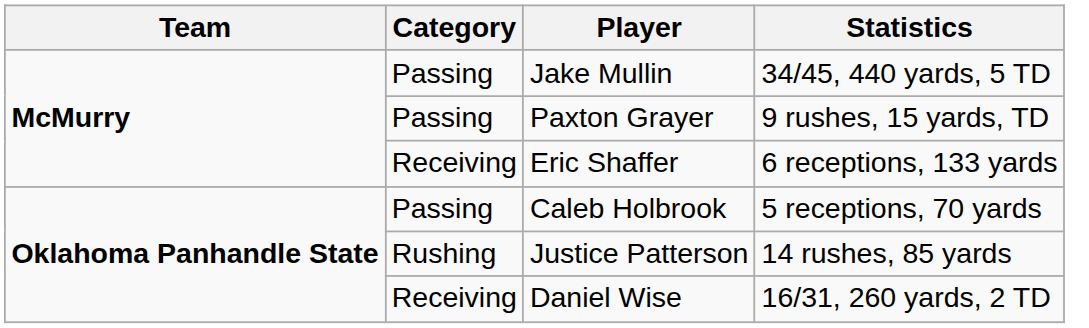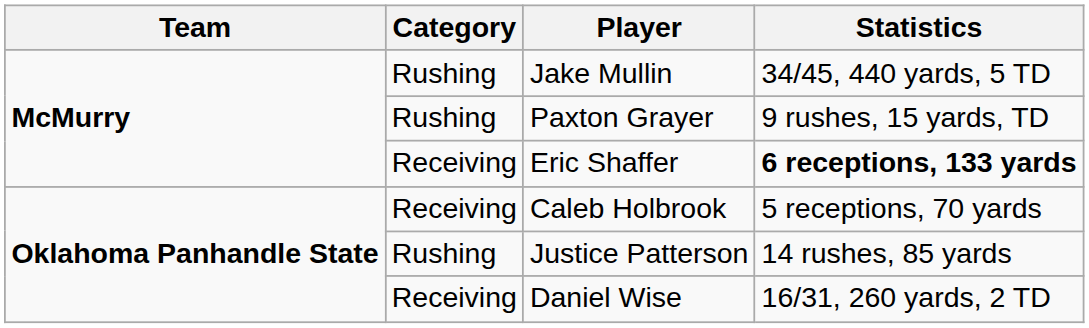 <table class="wikitable" style="float: left;">
 <tr>
 <th>Team</th>
 <th>Category</th>
 <th>Player</th>
 <th>Statistics</th>
 </tr>
 <tr>
 <td rowspan=3><strong>McMurry</strong></td>
-<td>Passing</td>
+<td>Rushing</td>
 <td>Jake Mullin</td>
 <td>34/45, 440 yards, 5 TD</td>
 </tr>
 <tr>
-<td>Passing</td>
+<td>Rushing</td>
 <td>Paxton Grayer</td>
 <td>9 rushes, 15 yards, TD</td>
 </tr>
 <tr>
 <td>Receiving</td>
 <td>Eric Shaffer</td>
-<td>6 receptions, 133 yards</td>
+<td><strong>6 receptions, 133 yards</strong></td>
 </tr>
 <tr>
 <td rowspan=3><strong>Oklahoma Panhandle State</strong></td>
-<td>Passing</td>
+<td>Receiving</td>
 <td>Caleb Holbrook</td>
 <td>5 receptions, 70 yards</td>
 </tr>
 <tr>
 <td>Rushing</td>
 <td>Justice Patterson</td>
 <td>14 rushes, 85 yards</td>
 </tr>
 <tr>
 <td>Receiving</td>
 <td>Daniel Wise</td>
 <td>16/31, 260 yards, 2 TD</td>
 </tr>
 </table>
